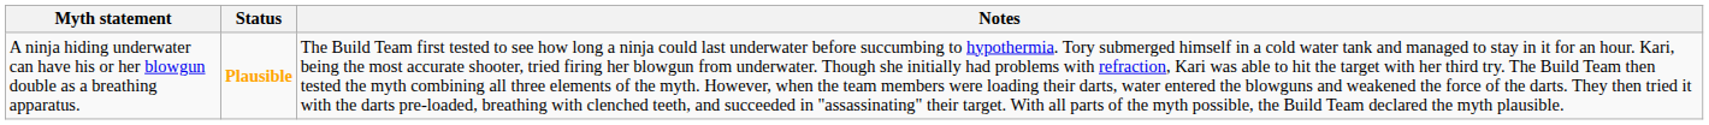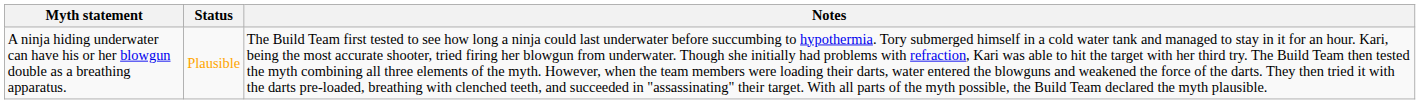 <table class="wikitable plainrowheaders">
 <tr>
 <th>Myth statement</th>
 <th>Status</th>
 <th>Notes</th>
 </tr>
 <tr>
 <td>A ninja hiding underwater can have his or her <a href='#'>blowgun</a> double as a breathing apparatus.</td>
-<td style="color:orange"><strong>Plausible</strong></td>
+<td style="color:orange">Plausible</td>
 <td>The Build Team first tested to see how long a ninja could last underwater before succumbing to <a href='#'>hypothermia</a>. Tory submerged himself in a cold water tank and managed to stay in it for an hour. Kari, being the most accurate shooter, tried firing her blowgun from underwater. Though she initially had problems with <a href='#'>refraction</a>, Kari was able to hit the target with her third try. The Build Team then tested the myth combining all three elements of the myth. However, when the team members were loading their darts, water entered the blowguns and weakened the force of the darts. They then tried it with the darts pre-loaded, breathing with clenched teeth, and succeeded in "assassinating" their target. With all parts of the myth possible, the Build Team declared the myth plausible.</td>
 </tr>
 </table>
